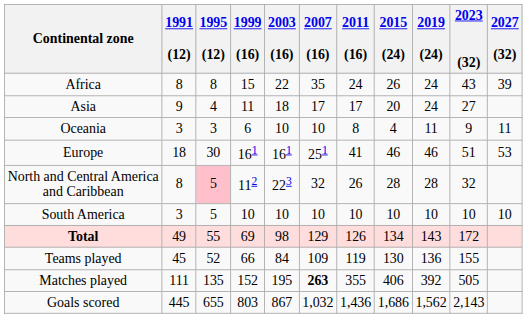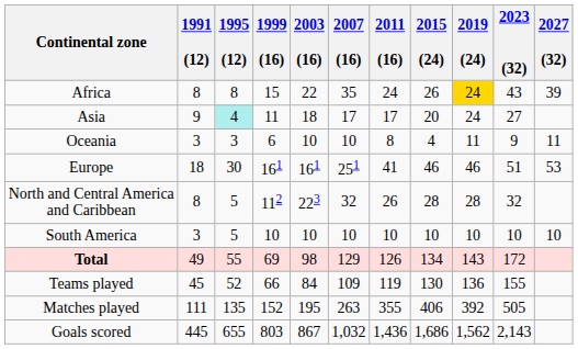 <table class="wikitable">
 <tr style="background:#cccccc;" align=center>
 <th>Continental zone</th>
 <th><a href='#'>1991</a><br><br>(12)</th>
 <th><a href='#'>1995</a><br><br>(12)</th>
 <th><a href='#'>1999</a><br><br>(16)</th>
 <th><a href='#'>2003</a><br><br>(16)</th>
 <th><a href='#'>2007</a><br><br>(16)</th>
 <th><a href='#'>2011</a><br><br>(16)</th>
 <th><a href='#'>2015</a><br><br>(24)</th>
 <th><a href='#'>2019</a><br><br>(24)</th>
 <th><a href='#'>2023</a><br><br><br>(32)</th>
 <th><a href='#'>2027</a><br><br>(32)</th>
 </tr>
 <tr valign="center" align=center>
 <td>Africa</td>
 <td>8</td>
 <td>8</td>
 <td>15</td>
 <td>22</td>
 <td>35</td>
 <td>24</td>
 <td>26</td>
-<td>24</td>
+<td style="background: gold;">24</td>
 <td>43</td>
 <td>39</td>
 </tr>
 <tr valign="center" align=center>
 <td>Asia</td>
 <td>9</td>
-<td>4</td>
+<td style="background: paleturquoise;">4</td>
 <td>11</td>
 <td>18</td>
 <td>17</td>
 <td>17</td>
 <td>20</td>
 <td>24</td>
 <td>27</td>
 <td></td>
 </tr>
 <tr valign="center" align=center>
 <td>Oceania</td>
 <td>3</td>
 <td>3</td>
 <td>6</td>
 <td>10</td>
 <td>10</td>
 <td>8</td>
 <td>4</td>
 <td>11</td>
 <td>9</td>
 <td>11</td>
 </tr>
 <tr valign="center" align=center>
 <td>Europe</td>
 <td>18</td>
 <td>30</td>
 <td>16<sup><a href='#'>1</a></sup></td>
 <td>16<sup><a href='#'>1</a></sup></td>
 <td>25<sup><a href='#'>1</a></sup></td>
 <td>41</td>
 <td>46</td>
 <td>46</td>
 <td>51</td>
 <td>53</td>
 </tr>
 <tr valign="center" align=center>
 <td>North and Central America<br>and Caribbean</td>
 <td>8</td>
-<td style="background: pink;">5</td>
+<td>5</td>
 <td>11<sup><a href='#'>2</a></sup></td>
 <td>22<sup><a href='#'>3</a></sup></td>
 <td>32</td>
 <td>26</td>
 <td>28</td>
 <td>28</td>
 <td>32</td>
 <td></td>
 </tr>
 <tr valign="center" align=center>
 <td>South America</td>
 <td>3</td>
 <td>5</td>
 <td>10</td>
 <td>10</td>
 <td>10</td>
 <td>10</td>
 <td>10</td>
 <td>10</td>
 <td>10</td>
 <td>10</td>
 </tr>
 <tr style="background:#ffdddd;" align=center>
 <td><strong>Total</strong></td>
 <td>49</td>
 <td>55</td>
 <td>69</td>
 <td>98</td>
 <td>129</td>
 <td>126</td>
 <td>134</td>
 <td>143</td>
 <td>172</td>
 <td></td>
 </tr>
 <tr valign="center" align=center>
 <td>Teams played</td>
 <td>45</td>
 <td>52</td>
 <td>66</td>
 <td>84</td>
 <td>109</td>
 <td>119</td>
 <td>130</td>
 <td>136</td>
 <td>155</td>
 <td></td>
 </tr>
 <tr valign="center" align=center>
 <td>Matches played</td>
 <td>111</td>
 <td>135</td>
 <td>152</td>
 <td>195</td>
-<td><strong>263</strong></td>
+<td>263</td>
 <td>355</td>
 <td>406</td>
 <td>392</td>
 <td>505</td>
 <td></td>
 </tr>
 <tr valign="center" align=center>
 <td>Goals scored</td>
 <td>445</td>
 <td>655</td>
 <td>803</td>
 <td>867</td>
 <td>1,032</td>
 <td>1,436</td>
 <td>1,686</td>
 <td>1,562</td>
 <td>2,143</td>
 </tr>
 </table>
